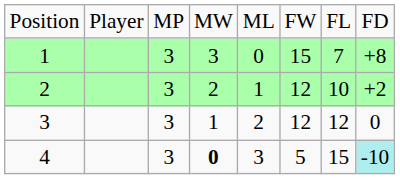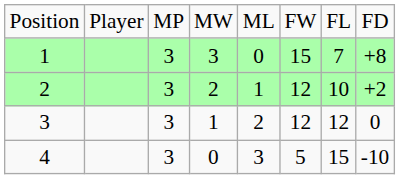 <table class="wikitable" style="text-align: center;">
 <tr>
 <td>Position</td>
 <td>Player</td>
 <td>MP</td>
 <td>MW</td>
 <td>ML</td>
 <td>FW</td>
 <td>FL</td>
 <td>FD</td>
 </tr>
 <tr style="background:#afa;">
 <td>1</td>
 <td style="text-align:left;"></td>
 <td>3</td>
 <td>3</td>
 <td>0</td>
 <td>15</td>
 <td>7</td>
 <td>+8</td>
 </tr>
 <tr style="background:#afa;">
 <td>2</td>
 <td style="text-align:left;"></td>
 <td>3</td>
 <td>2</td>
 <td>1</td>
 <td>12</td>
 <td>10</td>
 <td>+2</td>
 </tr>
 <tr>
 <td>3</td>
 <td style="text-align:left;"></td>
 <td>3</td>
 <td>1</td>
 <td>2</td>
 <td>12</td>
 <td>12</td>
 <td>0</td>
 </tr>
 <tr>
 <td>4</td>
 <td style="text-align:left;"></td>
 <td>3</td>
-<td><strong>0</strong></td>
+<td>0</td>
 <td>3</td>
 <td>5</td>
 <td>15</td>
-<td style="background: paleturquoise;">-10</td>
+<td>-10</td>
 </tr>
 </table>
